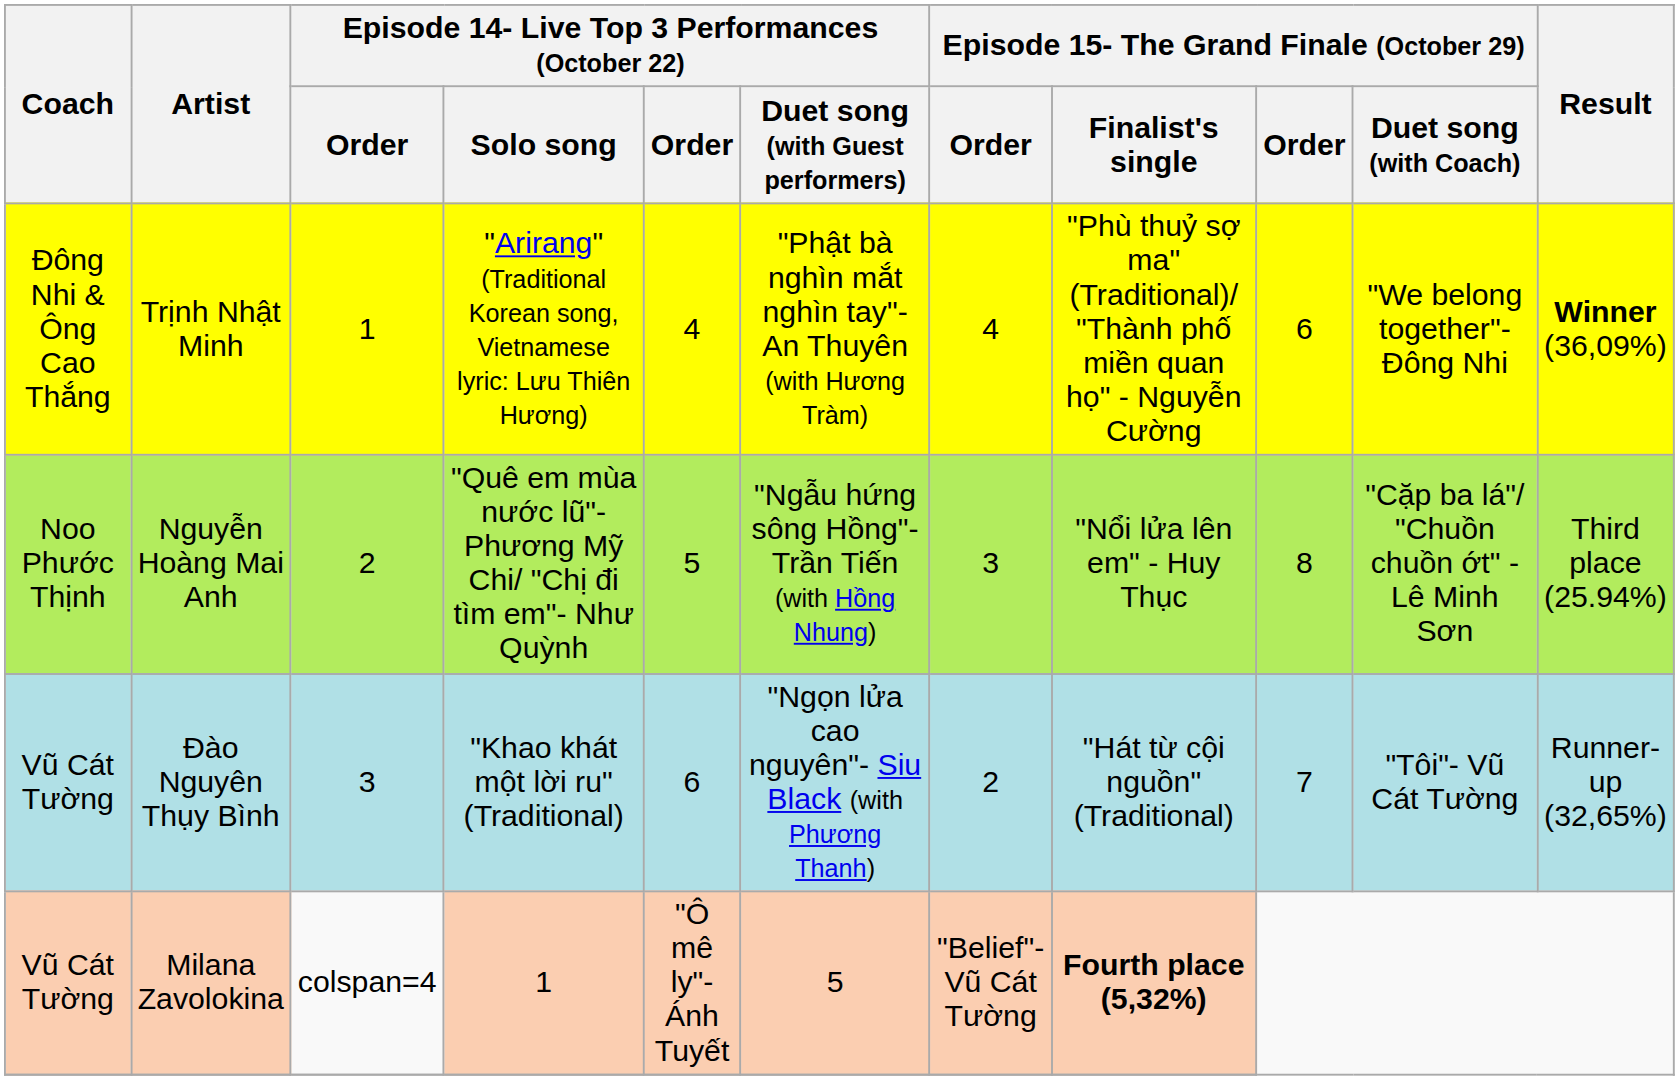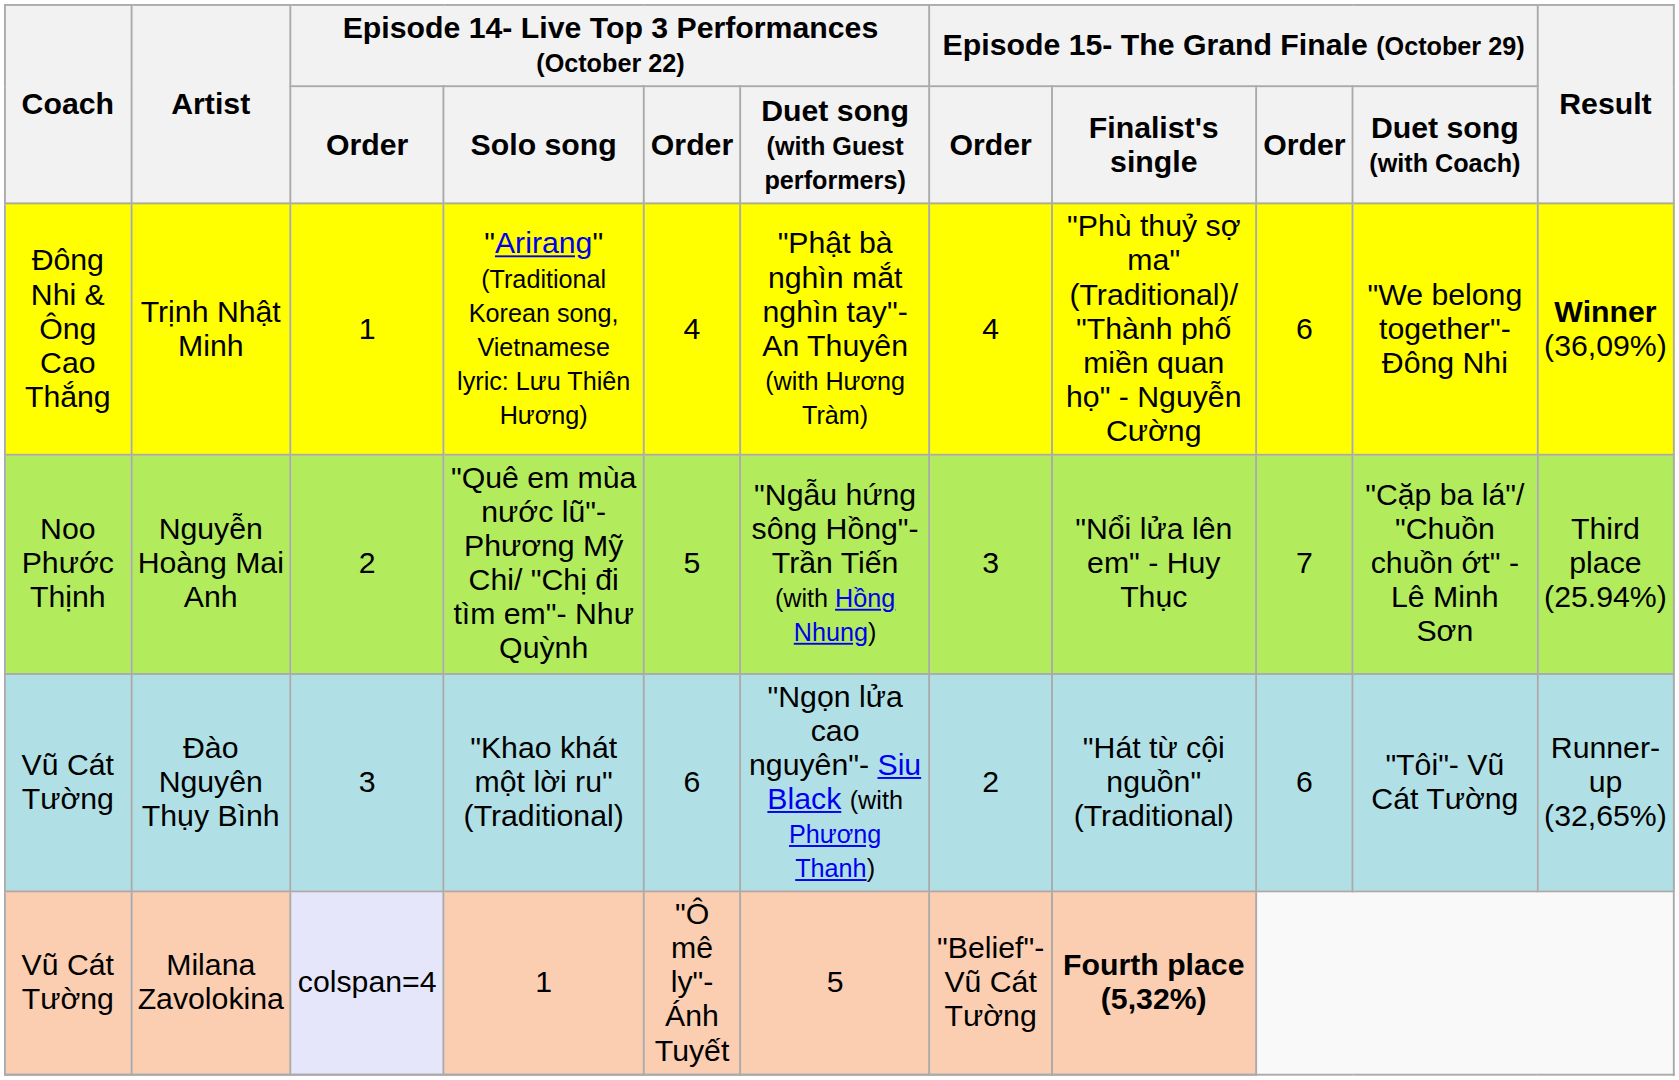 <table class="wikitable" style="text-align:center; width:100%;">
 <tr>
 <th width="09%" rowspan="2">Coach</th>
 <th width="09%" rowspan="2">Artist</th>
 <th colspan="4">Episode 14- Live Top 3 Performances <small>(October 22)</small></th>
 <th colspan="4">Episode 15- The Grand Finale <small>(October 29)</small></th>
 <th width="08%" rowspan="2">Result</th>
 </tr>
 <tr>
 <th width="04%">Order</th>
 <th width="14%">Solo song</th>
 <th width="04%">Order</th>
 <th width="14%">Duet song <small>(with Guest performers)</small></th>
 <th width="04%">Order</th>
 <th width="14%">Finalist's single</th>
 <th width="04%">Order</th>
 <th width="14%">Duet song <small>(with Coach)</small></th>
 </tr>
 <tr>
 <td style="background:yellow;">Đông Nhi & Ông Cao Thắng</td>
 <td style="background:yellow;">Trịnh Nhật Minh</td>
 <td style="background:yellow;">1</td>
 <td style="background:yellow;">"<a href='#'>Arirang</a>" <small>(Traditional Korean song, Vietnamese lyric: Lưu Thiên Hương)</small></td>
 <td style="background:yellow;">4</td>
 <td style="background:yellow;">"Phật bà nghìn mắt nghìn tay"- An Thuyên <small>(with Hương Tràm)</small></td>
 <td style="background:yellow;">4</td>
 <td style="background:yellow;">"Phù thuỷ sợ ma" (Traditional)/ "Thành phố miền quan họ" - Nguyễn Cường</td>
 <td style="background:yellow;">6</td>
 <td style="background:yellow;">"We belong together"- Đông Nhi</td>
 <td style="background:yellow;"><strong>Winner</strong> (36,09%)</td>
 </tr>
 <tr>
 <td style="background:#B2EC5D;">Noo Phước Thịnh</td>
 <td style="background:#B2EC5D;">Nguyễn Hoàng Mai Anh</td>
 <td style="background:#B2EC5D;">2</td>
 <td style="background:#B2EC5D;">"Quê em mùa nước lũ"- Phương Mỹ Chi/ "Chị đi tìm em"- Như Quỳnh</td>
 <td style="background:#B2EC5D;">5</td>
 <td style="background:#B2EC5D;">"Ngẫu hứng sông Hồng"- Trần Tiến <small>(with <a href='#'>Hồng Nhung</a>)</small></td>
 <td style="background:#B2EC5D;">3</td>
 <td style="background:#B2EC5D;">"Nổi lửa lên em" - Huy Thục</td>
-<td style="background:#B2EC5D;">8</td>
+<td style="background:#B2EC5D;">7</td>
 <td style="background:#B2EC5D;">"Cặp ba lá"/ "Chuồn chuồn ớt" - Lê Minh Sơn</td>
 <td style="background:#B2EC5D;">Third place (25.94%)</td>
 </tr>
 <tr>
 <td style="background:#B0E0E6;">Vũ Cát Tường</td>
 <td style="background:#B0E0E6;">Đào Nguyên Thụy Bình</td>
 <td style="background:#B0E0E6;">3</td>
 <td style="background:#B0E0E6;">"Khao khát một lời ru" (Traditional)</td>
 <td style="background:#B0E0E6;">6</td>
 <td style="background:#B0E0E6;">"Ngọn lửa cao nguyên"- <a href='#'>Siu Black</a> <small>(with <a href='#'>Phương Thanh</a>)</small></td>
 <td style="background:#B0E0E6;">2</td>
 <td style="background:#B0E0E6;">"Hát từ cội nguồn" (Traditional)</td>
-<td style="background:#B0E0E6;">7</td>
+<td style="background:#B0E0E6;">6</td>
 <td style="background:#B0E0E6;">"Tôi"- Vũ Cát Tường</td>
 <td style="background:#B0E0E6;">Runner-up (32,65%)</td>
 </tr>
 <tr>
 <td style="background:#FBCEB1;">Vũ Cát Tường</td>
 <td style="background:#FBCEB1;">Milana Zavolokina</td>
-<td>colspan=4 </td>
+<td style="background: lavender;">colspan=4 </td>
 <td style="background:#FBCEB1;">1</td>
 <td style="background:#FBCEB1;">"Ô mê ly"- Ánh Tuyết</td>
 <td style="background:#FBCEB1;">5</td>
 <td style="background:#FBCEB1;">"Belief"- Vũ Cát Tường</td>
 <td style="background:#FBCEB1;"><strong>Fourth place (5,32%)</strong></td>
 </tr>
 <tr>
 </tr>
 </table>
